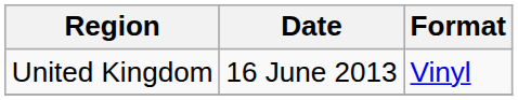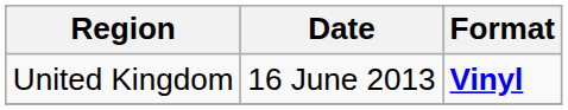 <table class=wikitable>
 <tr>
 <th scope="col">Region</th>
 <th scope="col">Date</th>
 <th scope="col">Format</th>
 </tr>
 <tr>
 <td>United Kingdom</td>
 <td>16 June 2013</td>
-<td><a href='#'>Vinyl</a></td>
+<td><strong><a href='#'>Vinyl</a></strong></td>
 </tr>
 <tr>
 </tr>
 </table>
